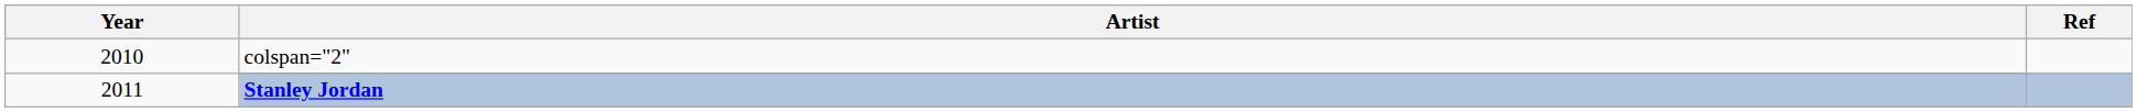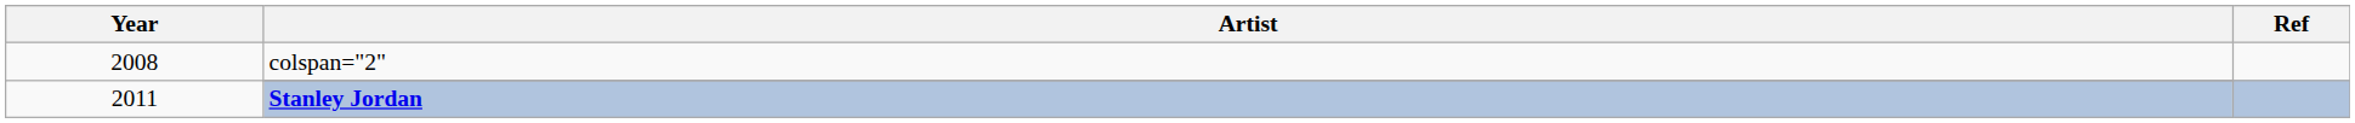 <table class="wikitable" style="width:100%;">
 <tr style="background:#bebebe;">
 <th style="width:11%;">Year</th>
 <th style="width:84%;">Artist</th>
 <th style="width:5%;">Ref</th>
 </tr>
 <tr>
-<td align="center">2010</td>
+<td align="center">2008</td>
 <td>colspan="2" </td>
 </tr>
 <tr>
 <td rowspan="6" align="center">2011</td>
 </tr>
 <tr style="background:#B0C4DE">
 <td><strong><a href='#'>Stanley Jordan</a></strong></td>
 <td rowspan="6" align="center"></td>
 </tr>
 </table>
